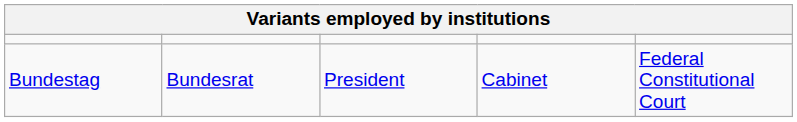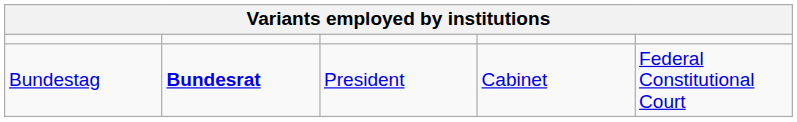 <table class="wikitable">
 <tr>
 <th class="hintergrundfarbe8" colspan="5">Variants employed by institutions</th>
 </tr>
 <tr>
 <td width="125px"></td>
 <td width="125px"></td>
 <td width="125px"></td>
 <td width="125px"></td>
 <td width="125px"></td>
 </tr>
 <tr class="hintergrundfarbe8">
 <td><a href='#'>Bundestag</a></td>
-<td><a href='#'>Bundesrat</a></td>
+<td><strong><a href='#'>Bundesrat</a></strong></td>
 <td><a href='#'>President</a></td>
 <td><a href='#'>Cabinet</a></td>
 <td><a href='#'>Federal Constitutional Court</a></td>
 </tr>
 </table>
